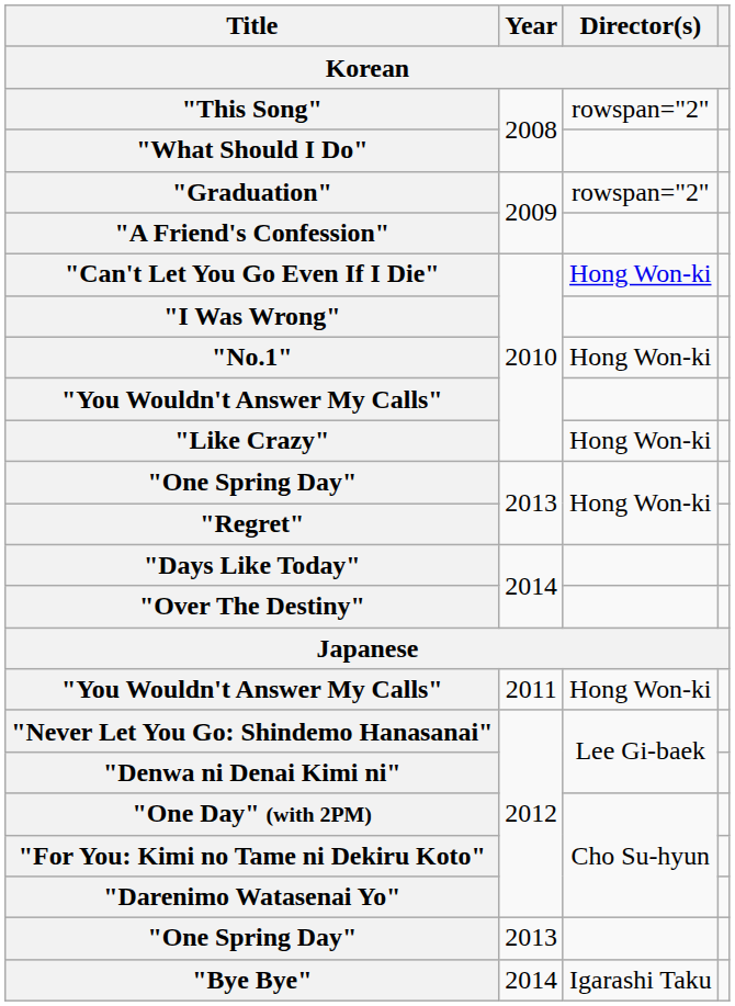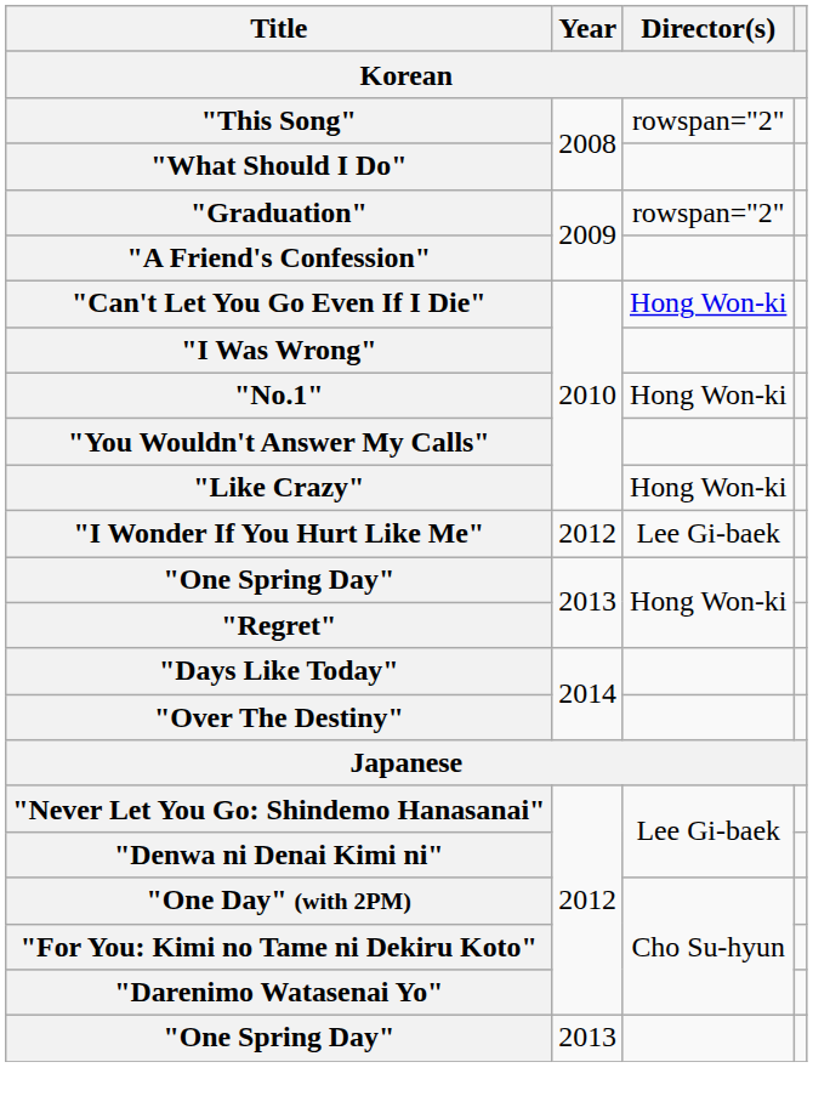 <table class="wikitable plainrowheaders" style="text-align:center;">
 <tr>
 <th scope="col">Title</th>
 <th scope="col">Year</th>
 <th scope="col">Director(s)</th>
 <th scope="col"></th>
 </tr>
 <tr>
 <th colspan="4">Korean</th>
 </tr>
 <tr>
 <th scope="row">"This Song"</th>
 <td rowspan="2">2008</td>
 <td>rowspan="2" </td>
 <td></td>
 </tr>
 <tr>
 <th scope="row">"What Should I Do"</th>
 <td></td>
 </tr>
 <tr>
 <th scope="row">"Graduation"</th>
 <td rowspan="2">2009</td>
 <td>rowspan="2" </td>
 <td></td>
 </tr>
 <tr>
 <th scope="row">"A Friend's Confession"</th>
 <td></td>
 </tr>
 <tr>
 <th scope="row">"Can't Let You Go Even If I Die"</th>
 <td rowspan="5">2010</td>
 <td><a href='#'>Hong Won-ki</a></td>
 <td></td>
 </tr>
 <tr>
 <th scope="row">"I Was Wrong"</th>
 <td></td>
 <td></td>
 </tr>
 <tr>
 <th scope="row">"No.1"</th>
 <td>Hong Won-ki</td>
 <td></td>
 </tr>
 <tr>
 <th scope="row">"You Wouldn't Answer My Calls"</th>
 <td></td>
 <td></td>
 </tr>
 <tr>
 <th scope="row">"Like Crazy"</th>
 <td>Hong Won-ki</td>
 <td></td>
 </tr>
 <tr>
+<th scope="row">"I Wonder If You Hurt Like Me"</th>
+<td>2012</td>
+<td>Lee Gi-baek</td>
+<td></td>
+</tr>
+<tr>
 <th scope="row">"One Spring Day"</th>
 <td rowspan="2">2013</td>
 <td rowspan="2">Hong Won-ki</td>
 <td></td>
 </tr>
 <tr>
 <th scope="row">"Regret"</th>
 <td></td>
 </tr>
 <tr>
 <th scope="row">"Days Like Today"</th>
 <td rowspan="2">2014</td>
 <td></td>
 <td></td>
 </tr>
 <tr>
 <th scope="row">"Over The Destiny"</th>
 <td></td>
 <td></td>
 </tr>
 <tr>
 <th colspan="4">Japanese</th>
-</tr>
-<tr>
-<th scope="row">"You Wouldn't Answer My Calls"</th>
-<td>2011</td>
-<td>Hong Won-ki</td>
-<td></td>
 </tr>
 <tr>
 <th scope="row">"Never Let You Go: Shindemo Hanasanai"</th>
 <td rowspan="5">2012</td>
 <td rowspan="2">Lee Gi-baek</td>
 <td></td>
 </tr>
 <tr>
 <th scope="row">"Denwa ni Denai Kimi ni"</th>
 <td></td>
 </tr>
 <tr>
 <th scope="row">"One Day" <small>(with 2PM)</small></th>
 <td rowspan="3">Cho Su-hyun</td>
 <td></td>
 </tr>
 <tr>
 <th scope="row">"For You: Kimi no Tame ni Dekiru Koto"</th>
 <td></td>
 </tr>
 <tr>
 <th scope="row">"Darenimo Watasenai Yo"</th>
 <td></td>
 </tr>
 <tr>
 <th scope="row">"One Spring Day"</th>
 <td>2013</td>
 <td></td>
 <td></td>
 </tr>
-<tr>
-<th scope="row">"Bye Bye"</th>
-<td>2014</td>
-<td>Igarashi Taku</td>
-<td></td>
-</tr>
 </table>
